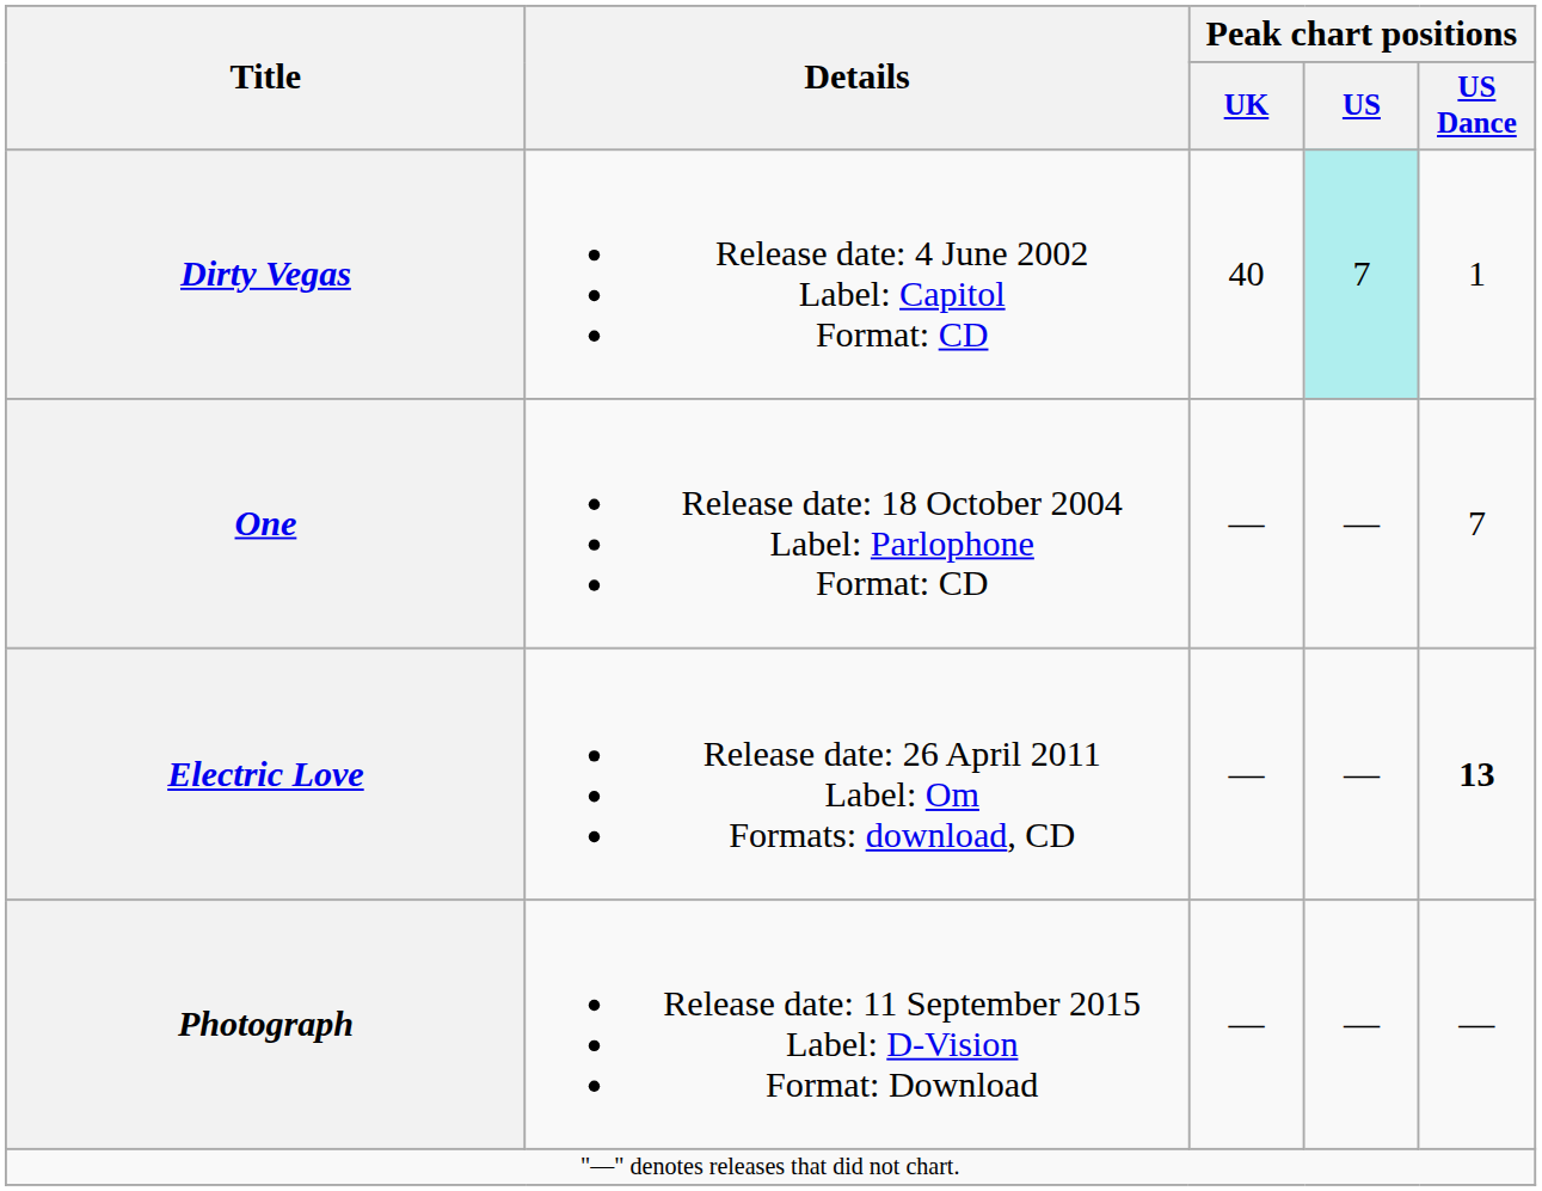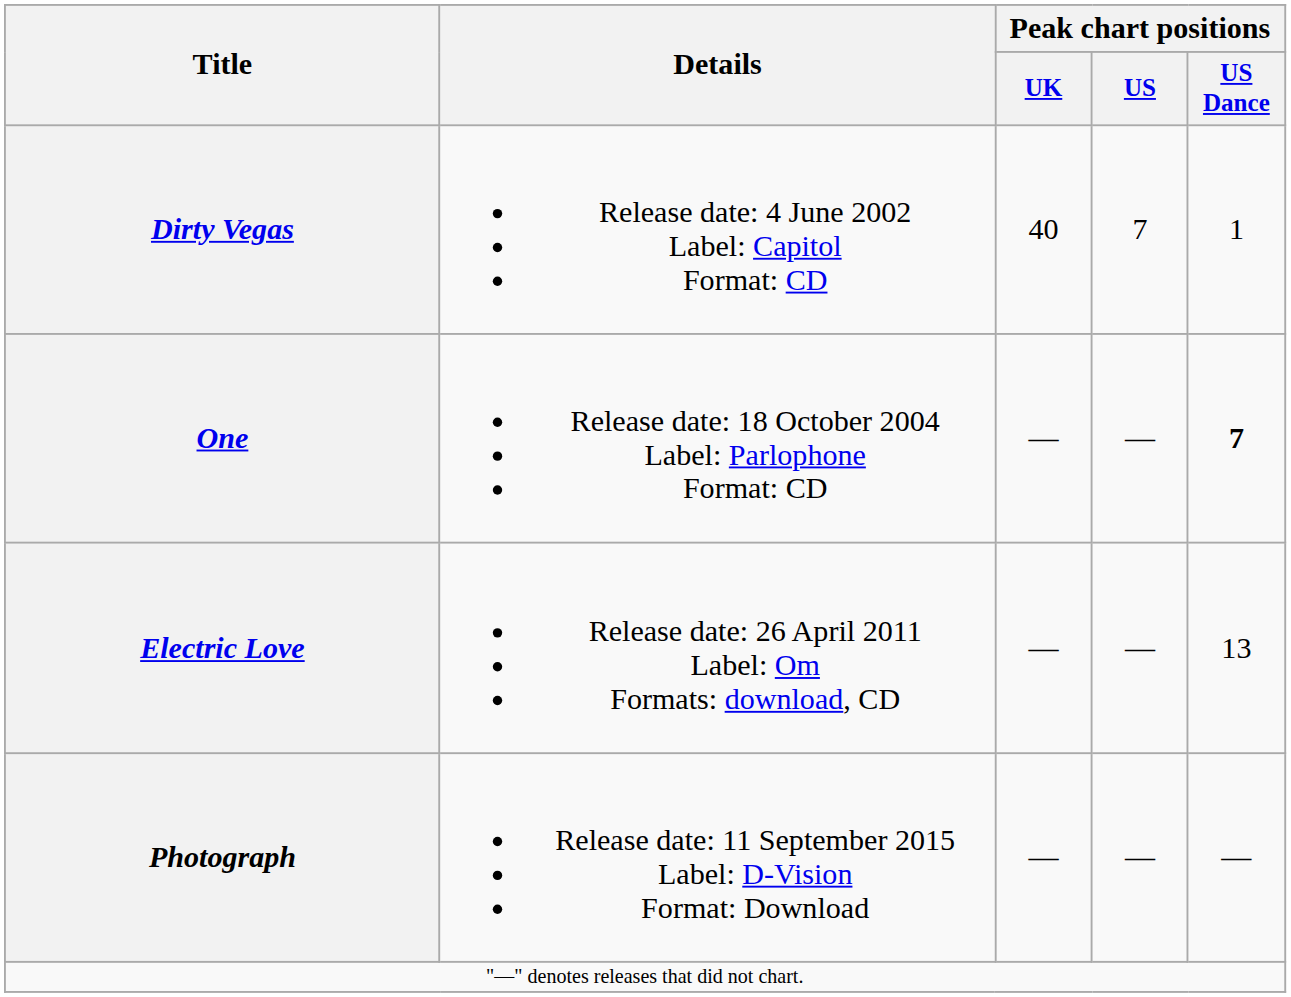 <table class="wikitable plainrowheaders" style="text-align:center;">
 <tr>
 <th rowspan="2" style="width:14em;">Title</th>
 <th rowspan="2" style="width:18em;">Details</th>
 <th colspan="3">Peak chart positions</th>
 </tr>
 <tr style="font-size:smaller;">
 <th style="width:45px;"><a href='#'>UK</a><br></th>
 <th style="width:45px;"><a href='#'>US</a><br></th>
 <th style="width:45px;"><a href='#'>US<br>Dance</a><br></th>
 </tr>
 <tr>
 <th scope="row"><em><a href='#'>Dirty Vegas</a></em></th>
 <td><br><ul><li>Release date: 4 June 2002</li><li>Label: <a href='#'>Capitol</a></li><li>Format: <a href='#'>CD</a></li></ul></td>
 <td>40</td>
-<td style="background: paleturquoise;">7</td>
+<td>7</td>
 <td>1</td>
 </tr>
 <tr>
 <th scope="row"><em><a href='#'>One</a></em></th>
 <td><br><ul><li>Release date: 18 October 2004</li><li>Label: <a href='#'>Parlophone</a></li><li>Format: CD</li></ul></td>
 <td>—</td>
 <td>—</td>
-<td>7</td>
+<td><strong>7</strong></td>
 </tr>
 <tr>
 <th scope="row"><em><a href='#'>Electric Love</a></em></th>
 <td><br><ul><li>Release date: 26 April 2011</li><li>Label: <a href='#'>Om</a></li><li>Formats: <a href='#'>download</a>, CD</li></ul></td>
 <td>—</td>
 <td>—</td>
-<td><strong>13</strong></td>
+<td>13</td>
 </tr>
 <tr>
 <th scope="row"><em>Photograph</em></th>
 <td><br><ul><li>Release date: 11 September 2015</li><li>Label: <a href='#'>D-Vision</a></li><li>Format: Download</li></ul></td>
 <td>—</td>
 <td>—</td>
 <td>—</td>
 </tr>
 <tr>
 <td colspan="15" style="font-size:8pt">"—" denotes releases that did not chart.</td>
 </tr>
 </table>
